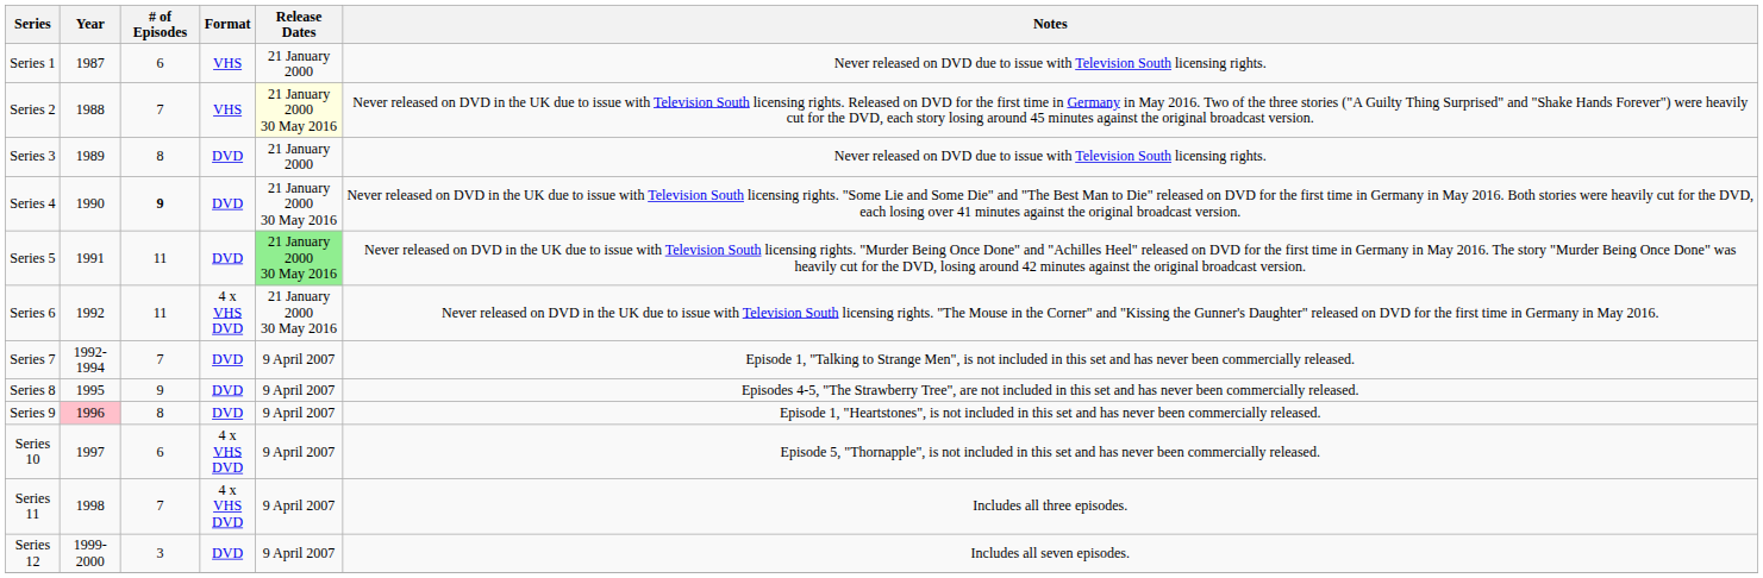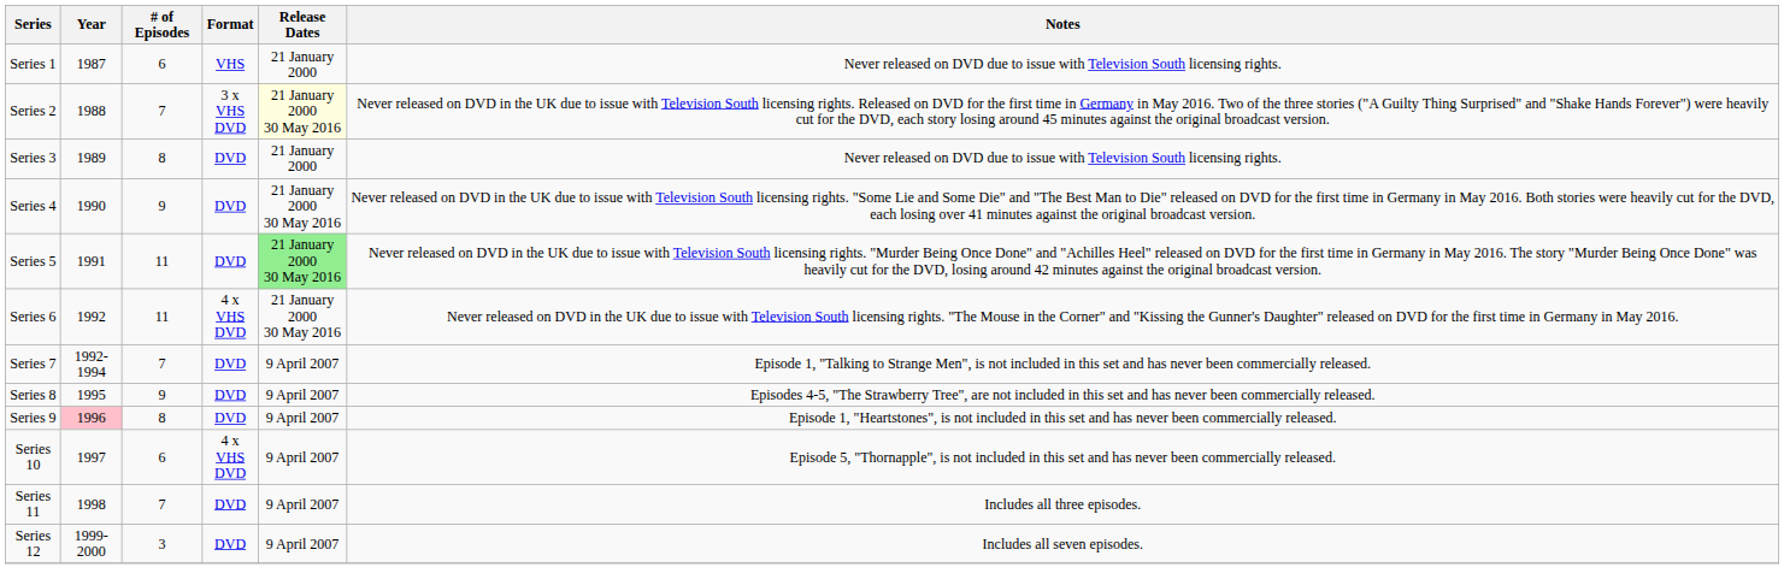 <table class="wikitable"  style="width:99%; left:0 auto; text-align:center;">
 <tr>
 <th>Series</th>
 <th>Year</th>
 <th># of Episodes</th>
 <th>Format</th>
 <th>Release Dates</th>
 <th>Notes</th>
 </tr>
 <tr>
 <td>Series 1</td>
 <td>1987</td>
 <td>6</td>
 <td><a href='#'>VHS</a></td>
 <td>21 January 2000</td>
 <td>Never released on DVD due to issue with <a href='#'>Television South</a> licensing rights.</td>
 </tr>
 <tr>
 <td>Series 2</td>
 <td>1988</td>
 <td>7</td>
-<td><a href='#'>VHS</a></td>
+<td>3 x <a href='#'>VHS</a><br><a href='#'>DVD</a></td>
 <td style="background: lightyellow;">21 January 2000<br>30 May 2016</td>
 <td>Never released on DVD in the UK due to issue with <a href='#'>Television South</a> licensing rights. Released on DVD for the first time in <a href='#'>Germany</a> in May 2016. Two of the three stories ("A Guilty Thing Surprised" and "Shake Hands Forever") were heavily cut for the DVD, each story losing around 45 minutes against the original broadcast version.</td>
 </tr>
 <tr>
 <td>Series 3</td>
 <td>1989</td>
 <td>8</td>
 <td><a href='#'>DVD</a></td>
 <td>21 January 2000</td>
 <td>Never released on DVD due to issue with <a href='#'>Television South</a> licensing rights.</td>
 </tr>
 <tr>
 <td>Series 4</td>
 <td>1990</td>
-<td><strong>9</strong></td>
+<td>9</td>
 <td><a href='#'>DVD</a></td>
 <td>21 January 2000<br>30 May 2016</td>
 <td>Never released on DVD in the UK due to issue with <a href='#'>Television South</a> licensing rights. "Some Lie and Some Die" and "The Best Man to Die" released on DVD for the first time in Germany in May 2016. Both stories were heavily cut for the DVD, each losing over 41 minutes against the original broadcast version.</td>
 </tr>
 <tr>
 <td>Series 5</td>
 <td>1991</td>
 <td>11</td>
 <td><a href='#'>DVD</a></td>
 <td style="background: lightgreen;">21 January 2000<br>30 May 2016</td>
 <td>Never released on DVD in the UK due to issue with <a href='#'>Television South</a> licensing rights. "Murder Being Once Done" and "Achilles Heel" released on DVD for the first time in Germany in May 2016. The story "Murder Being Once Done" was heavily cut for the DVD, losing around 42 minutes against the original broadcast version.</td>
 </tr>
 <tr>
 <td>Series 6</td>
 <td>1992</td>
 <td>11</td>
 <td>4 x <a href='#'>VHS</a><br><a href='#'>DVD</a></td>
 <td>21 January 2000<br>30 May 2016</td>
 <td>Never released on DVD in the UK due to issue with <a href='#'>Television South</a> licensing rights. "The Mouse in the Corner" and "Kissing the Gunner's Daughter" released on DVD for the first time in Germany in May 2016.</td>
 </tr>
 <tr>
 <td>Series 7</td>
 <td>1992-1994</td>
 <td>7</td>
 <td><a href='#'>DVD</a></td>
 <td>9 April 2007</td>
 <td>Episode 1, "Talking to Strange Men", is not included in this set and has never been commercially released.</td>
 </tr>
 <tr>
 <td>Series 8</td>
 <td>1995</td>
 <td>9</td>
 <td><a href='#'>DVD</a></td>
 <td>9 April 2007</td>
 <td>Episodes 4-5, "The Strawberry Tree", are not included in this set and has never been commercially released.</td>
 </tr>
 <tr>
 <td>Series 9</td>
 <td style="background: pink;">1996</td>
 <td>8</td>
 <td><a href='#'>DVD</a></td>
 <td>9 April 2007</td>
 <td>Episode 1, "Heartstones", is not included in this set and has never been commercially released.</td>
 </tr>
 <tr>
 <td>Series 10</td>
 <td>1997</td>
 <td>6</td>
 <td>4 x <a href='#'>VHS</a><br><a href='#'>DVD</a></td>
 <td>9 April 2007</td>
 <td>Episode 5, "Thornapple", is not included in this set and has never been commercially released.</td>
 </tr>
 <tr>
 <td>Series 11</td>
 <td>1998</td>
 <td>7</td>
-<td>4 x <a href='#'>VHS</a><br><a href='#'>DVD</a></td>
+<td><a href='#'>DVD</a></td>
 <td>9 April 2007</td>
 <td>Includes all three episodes.</td>
 </tr>
 <tr>
 <td>Series 12</td>
 <td>1999-2000</td>
 <td>3</td>
 <td><a href='#'>DVD</a></td>
 <td>9 April 2007</td>
 <td>Includes all seven episodes.</td>
 </tr>
 <tr>
 </tr>
 </table>
